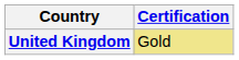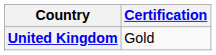 <table class="wikitable plainrowheaders">
 <tr>
 <th scope="col">Country</th>
 <th scope="col"><a href='#'>Certification</a></th>
 </tr>
 <tr>
 <th scope="row"><a href='#'>United Kingdom</a></th>
-<td style="background: khaki;">Gold</td>
+<td>Gold</td>
 </tr>
 </table>
